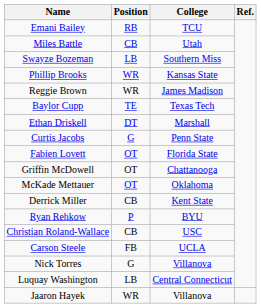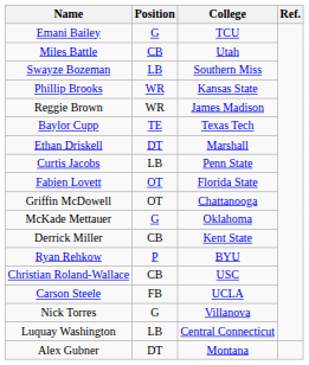 <table class="wikitable" style="text-align:center">
 <tr>
 <th>Name</th>
 <th>Position</th>
 <th>College</th>
 <th>Ref.</th>
 </tr>
 <tr>
 <td><a href='#'>Emani Bailey</a></td>
-<td><a href='#'>RB</a></td>
+<td><a href='#'>G</a></td>
 <td><a href='#'>TCU</a></td>
 <td rowspan="17"></td>
 </tr>
 <tr>
 <td><a href='#'>Miles Battle</a></td>
 <td><a href='#'>CB</a></td>
 <td><a href='#'>Utah</a></td>
 </tr>
 <tr>
 <td><a href='#'>Swayze Bozeman</a></td>
 <td><a href='#'>LB</a></td>
 <td><a href='#'>Southern Miss</a></td>
 </tr>
 <tr>
 <td><a href='#'>Phillip Brooks</a></td>
 <td><a href='#'>WR</a></td>
 <td><a href='#'>Kansas State</a></td>
 </tr>
 <tr>
 <td>Reggie Brown</td>
 <td>WR</td>
 <td><a href='#'>James Madison</a></td>
 </tr>
 <tr>
 <td><a href='#'>Baylor Cupp</a></td>
 <td><a href='#'>TE</a></td>
 <td><a href='#'>Texas Tech</a></td>
 </tr>
 <tr>
 <td><a href='#'>Ethan Driskell</a></td>
 <td><a href='#'>DT</a></td>
 <td><a href='#'>Marshall</a></td>
 </tr>
 <tr>
 <td><a href='#'>Curtis Jacobs</a></td>
-<td><a href='#'>G</a></td>
+<td>LB</td>
 <td><a href='#'>Penn State</a></td>
 </tr>
 <tr>
 <td><a href='#'>Fabien Lovett</a></td>
 <td><a href='#'>OT</a></td>
 <td><a href='#'>Florida State</a></td>
 </tr>
 <tr>
 <td>Griffin McDowell</td>
 <td>OT</td>
 <td><a href='#'>Chattanooga</a></td>
 </tr>
 <tr>
 <td>McKade Mettauer</td>
-<td><a href='#'>OT</a></td>
+<td><a href='#'>G</a></td>
 <td><a href='#'>Oklahoma</a></td>
 </tr>
 <tr>
 <td>Derrick Miller</td>
 <td>CB</td>
 <td><a href='#'>Kent State</a></td>
 </tr>
 <tr>
 <td><a href='#'>Ryan Rehkow</a></td>
 <td><a href='#'>P</a></td>
 <td><a href='#'>BYU</a></td>
 </tr>
 <tr>
 <td><a href='#'>Christian Roland-Wallace</a></td>
 <td>CB</td>
 <td><a href='#'>USC</a></td>
 </tr>
 <tr>
 <td><a href='#'>Carson Steele</a></td>
 <td>FB</td>
 <td><a href='#'>UCLA</a></td>
 </tr>
 <tr>
 <td>Nick Torres</td>
 <td>G</td>
 <td><a href='#'>Villanova</a></td>
 </tr>
 <tr>
 <td>Luquay Washington</td>
 <td>LB</td>
 <td><a href='#'>Central Connecticut</a></td>
 </tr>
 <tr>
-<td>Jaaron Hayek</td>
-<td>WR</td>
-<td>Villanova</td>
+<td>Alex Gubner</td>
+<td>DT</td>
+<td><a href='#'>Montana</a></td>
 <td></td>
 </tr>
 </table>
